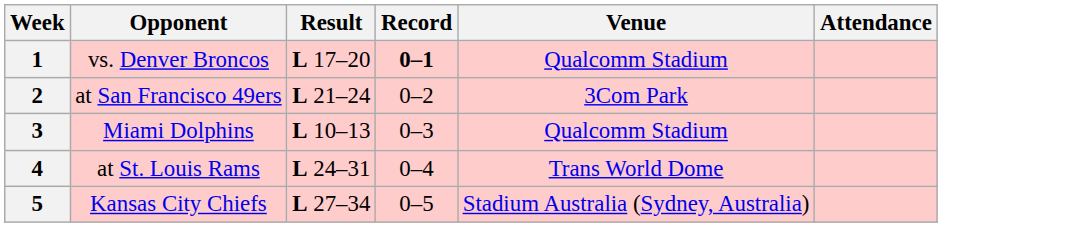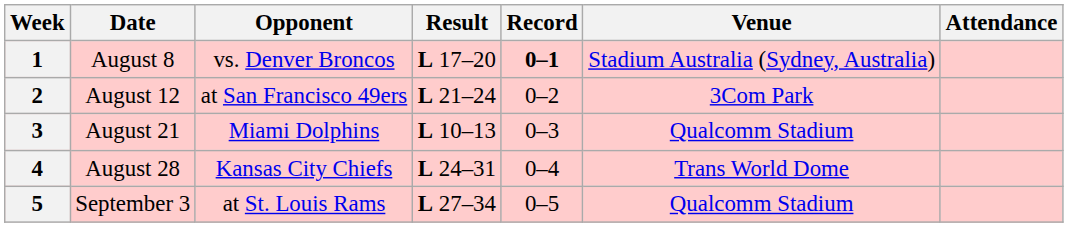 <table class="wikitable" style="text-align:center">
 <tr>
 <th>Week</th>
+<th>Date</th>
 <th>Opponent</th>
 <th>Result</th>
 <th>Record</th>
 <th>Venue</th>
 <th>Attendance</th>
 </tr>
 <tr style="background: #fcc;">
 <th>1</th>
+<td>August 8</td>
 <td>vs. <a href='#'>Denver Broncos</a></td>
 <td><strong>L</strong> 17–20</td>
 <td><strong>0–1</strong></td>
-<td><a href='#'>Qualcomm Stadium</a></td>
+<td><a href='#'>Stadium Australia</a> (<a href='#'>Sydney, Australia</a>)</td>
 <td></td>
 </tr>
 <tr style="background: #fcc;">
 <th>2</th>
+<td>August 12</td>
 <td>at <a href='#'>San Francisco 49ers</a></td>
 <td><strong>L</strong> 21–24</td>
 <td>0–2</td>
 <td><a href='#'>3Com Park</a></td>
 <td></td>
 </tr>
 <tr style="background: #fcc;">
 <th>3</th>
+<td>August 21</td>
 <td><a href='#'>Miami Dolphins</a></td>
 <td><strong>L</strong> 10–13</td>
 <td>0–3</td>
 <td><a href='#'>Qualcomm Stadium</a></td>
 <td></td>
 </tr>
 <tr style="background: #fcc;">
 <th>4</th>
-<td>at <a href='#'>St. Louis Rams</a></td>
+<td>August 28</td>
+<td><a href='#'>Kansas City Chiefs</a></td>
 <td><strong>L</strong> 24–31</td>
 <td>0–4</td>
 <td><a href='#'>Trans World Dome</a></td>
 <td></td>
 </tr>
 <tr style="background: #fcc;">
 <th>5</th>
-<td><a href='#'>Kansas City Chiefs</a></td>
+<td>September 3</td>
+<td>at <a href='#'>St. Louis Rams</a></td>
 <td><strong>L</strong> 27–34</td>
 <td>0–5</td>
-<td><a href='#'>Stadium Australia</a> (<a href='#'>Sydney, Australia</a>)</td>
+<td><a href='#'>Qualcomm Stadium</a></td>
 <td></td>
 </tr>
 </table>
